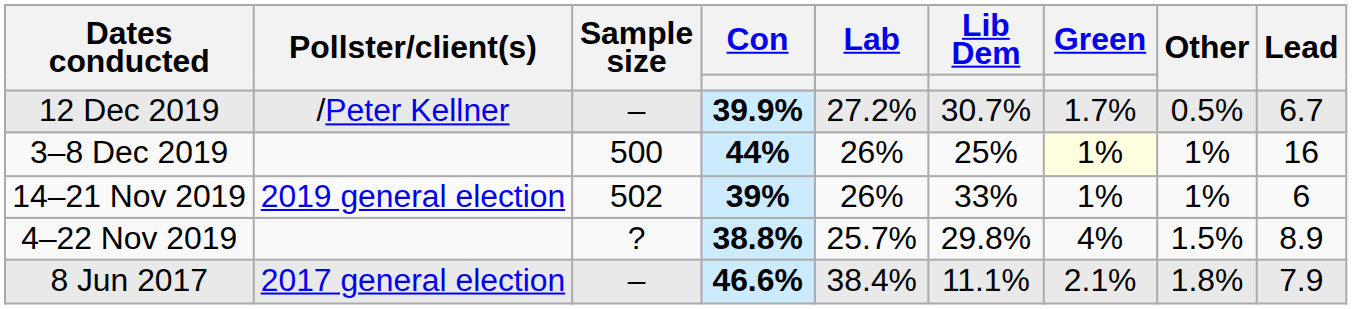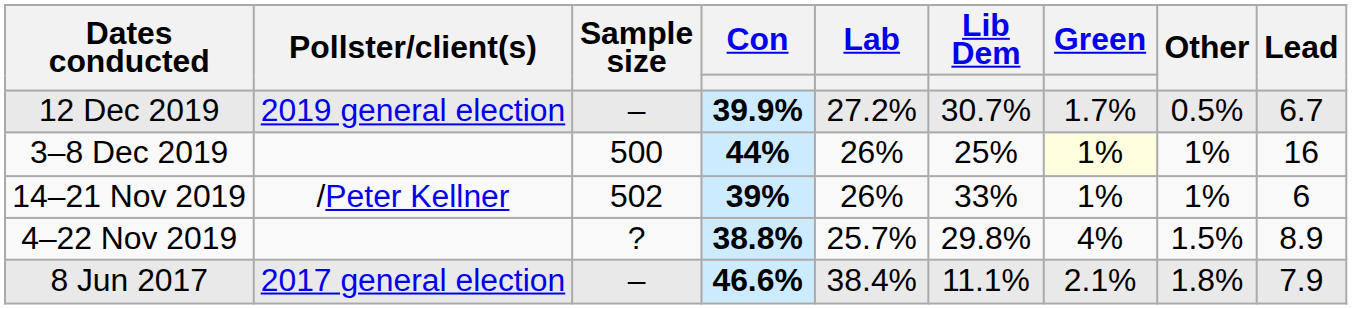 <table class="wikitable sortable mw-datatable" style="text-align:center;line-height:14px;">
 <tr>
 <th rowspan="2">Dates<br>conducted</th>
 <th rowspan="2">Pollster/client(s)</th>
 <th rowspan="2" data-sort-type="number">Sample<br>size</th>
 <th class="unsortable" style="width:50px;"><a href='#'>Con</a></th>
 <th class="unsortable" style="width:50px;"><a href='#'>Lab</a></th>
 <th class="unsortable" style="width:50px;"><a href='#'>Lib Dem</a></th>
 <th class="unsortable" style="width:50px;"><a href='#'>Green</a></th>
 <th rowspan="2" class="unsortable">Other</th>
 <th rowspan="2" data-sort-type="number">Lead</th>
 </tr>
 <tr>
 <th data-sort-type="number" style="background:"></th>
 <th data-sort-type="number" style="background:"></th>
 <th data-sort-type="number" style="background:"></th>
 <th data-sort-type="number" style="background:"></th>
 </tr>
 <tr style="background:#E9E9E9;">
 <td data-sort-value="2017-06-08">12 Dec 2019</td>
-<td>/<a href='#'>Peter Kellner</a></td>
+<td><a href='#'>2019 general election</a></td>
 <td>–</td>
 <td style="background:#CCEBFF;"><strong>39.9%</strong></td>
 <td>27.2%</td>
 <td>30.7%</td>
 <td>1.7%</td>
 <td>0.5%</td>
 <td style="background:">6.7</td>
 </tr>
 <tr>
 <td data-sort-value="2019-12-8">3–8 Dec 2019</td>
 <td></td>
 <td>500</td>
 <td style="background:#CCEBFF;"><strong>44%</strong></td>
 <td>26%</td>
 <td>25%</td>
 <td style="background: lightyellow;">1%</td>
 <td>1%</td>
 <td style="background:">16</td>
 </tr>
 <tr>
 <td data-sort-value="2019-10-21">14–21 Nov 2019</td>
-<td><a href='#'>2019 general election</a></td>
+<td>/<a href='#'>Peter Kellner</a></td>
 <td>502</td>
 <td style="background:#CCEBFF;"><strong>39%</strong></td>
 <td>26%</td>
 <td>33%</td>
 <td>1%</td>
 <td>1%</td>
 <td style="background:">6</td>
 </tr>
 <tr>
 <td data-sort-value="2019-10-21">4–22 Nov 2019</td>
 <td></td>
 <td>?</td>
 <td style="background:#CCEBFF;"><strong>38.8%</strong></td>
 <td>25.7%</td>
 <td>29.8%</td>
 <td>4%</td>
 <td>1.5%</td>
 <td style="background:">8.9</td>
 </tr>
 <tr style="background:#E9E9E9;">
 <td data-sort-value="2017-06-08">8 Jun 2017</td>
 <td><a href='#'>2017 general election</a></td>
 <td>–</td>
 <td style="background:#CCEBFF;"><strong>46.6%</strong></td>
 <td>38.4%</td>
 <td>11.1%</td>
 <td>2.1%</td>
 <td>1.8%</td>
 <td style="background:">7.9</td>
 </tr>
 </table>
